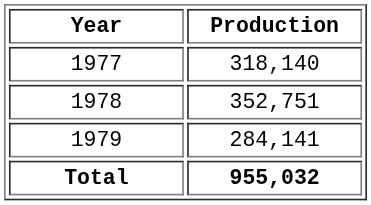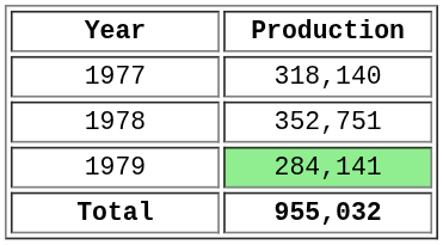 <table border="1" cellpadding="2">
 <tr>
 <td width="100pt" align="center"><strong>Year</strong></td>
 <td width="100pt" align="center"><strong>Production</strong></td>
 </tr>
 <tr>
 <td align="center">1977</td>
 <td align="center">318,140 </td>
 </tr>
 <tr>
 <td align="center">1978</td>
 <td align="center">352,751</td>
 </tr>
 <tr>
 <td align="center">1979</td>
-<td align="center">284,141</td>
+<td align="center" style="background: lightgreen;">284,141</td>
 </tr>
 <tr>
 <td align="center"><strong>Total</strong></td>
 <td align="center"><strong>955,032</strong></td>
 </tr>
 </table>
